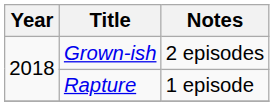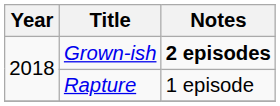 <table class="wikitable">
 <tr>
 <th>Year</th>
 <th>Title</th>
 <th>Notes</th>
 </tr>
 <tr>
 <td rowspan="2">2018</td>
 <td><em><a href='#'>Grown-ish</a></em></td>
-<td>2 episodes</td>
+<td><strong>2 episodes</strong></td>
 </tr>
 <tr>
 <td><em><a href='#'>Rapture</a></em></td>
 <td>1 episode</td>
 </tr>
 <tr>
 </tr>
 </table>
